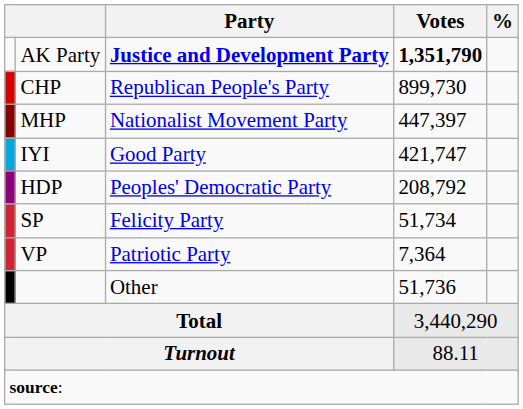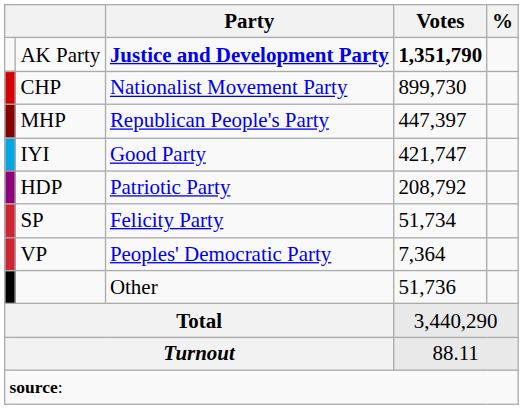 <table class="wikitable">
 <tr>
 <th colspan="2" align="center"></th>
 <th align="center">Party</th>
 <th align="center">Votes</th>
 <th align="center">%</th>
 </tr>
 <tr align="left">
 <td></td>
 <td>AK Party</td>
 <td><strong><a href='#'>Justice and Development Party</a></strong></td>
 <td><strong>1,351,790</strong></td>
 <td><strong></strong></td>
 </tr>
 <tr align="left">
 <td bgcolor="#d50000" width="1"></td>
 <td>CHP</td>
-<td><a href='#'>Republican People's Party</a></td>
+<td><a href='#'>Nationalist Movement Party</a></td>
 <td>899,730</td>
 <td></td>
 </tr>
 <tr align="left">
 <td bgcolor="#870000" width="1"></td>
 <td>MHP</td>
-<td><a href='#'>Nationalist Movement Party</a></td>
+<td><a href='#'>Republican People's Party</a></td>
 <td>447,397</td>
 <td></td>
 </tr>
 <tr align="left">
 <td bgcolor="#01A7E1" width="1"></td>
 <td>IYI</td>
 <td><a href='#'>Good Party</a></td>
 <td>421,747</td>
 <td></td>
 </tr>
 <tr align="left">
 <td bgcolor="#91007B" width="1"></td>
 <td>HDP</td>
-<td><a href='#'>Peoples' Democratic Party</a></td>
+<td><a href='#'>Patriotic Party</a></td>
 <td>208,792</td>
 <td></td>
 </tr>
 <tr align="left">
 <td bgcolor="#D02433" width="1"></td>
 <td>SP</td>
 <td><a href='#'>Felicity Party</a></td>
 <td>51,734</td>
 <td></td>
 </tr>
 <tr align="left">
 <td bgcolor="#D02433" width="1"></td>
 <td>VP</td>
-<td><a href='#'>Patriotic Party</a></td>
+<td><a href='#'>Peoples' Democratic Party</a></td>
 <td>7,364</td>
 <td></td>
 </tr>
 <tr align="left">
 <td bgcolor=" " width="1"></td>
 <td></td>
 <td>Other</td>
 <td>51,736</td>
 <td></td>
 </tr>
 <tr align="left" style="background-color:#E9E9E9">
 <th colspan="3" align="center"><strong>Total</strong></th>
 <td colspan="5" align="center">3,440,290</td>
 </tr>
 <tr align="left" style="background-color:#E9E9E9">
 <th colspan="3" align="center"><em>Turnout</em></th>
 <td colspan="5" align="center">88.11</td>
 </tr>
 <tr>
 <td colspan="9" align="left"><small><strong>source</strong>: </small></td>
 </tr>
 </table>
